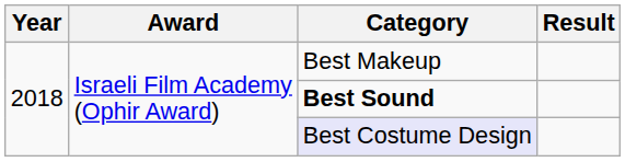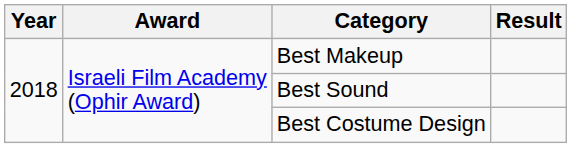 <table class="wikitable">
 <tr>
 <th>Year</th>
 <th>Award</th>
 <th>Category</th>
 <th>Result</th>
 </tr>
 <tr>
 <td rowspan="3">2018</td>
 <td rowspan="3"><a href='#'>Israeli Film Academy</a><br>(<a href='#'>Ophir Award</a>)</td>
 <td>Best Makeup</td>
 <td></td>
 </tr>
 <tr>
-<td><strong>Best Sound</strong></td>
+<td>Best Sound</td>
 <td></td>
 </tr>
 <tr>
-<td style="background: lavender;">Best Costume Design</td>
+<td>Best Costume Design</td>
 <td></td>
 </tr>
 </table>
